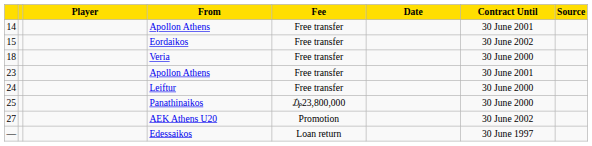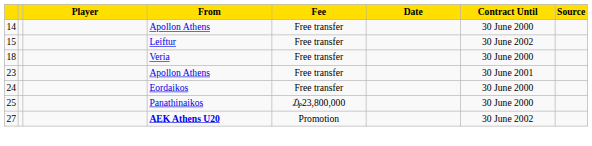 <table class="wikitable sortable">
 <tr>
 <th style="background:#FFDE00"></th>
 <th style="background:#FFDE00"></th>
 <th width=200 style="background:#FFDE00">Player</th>
 <th width=200 style="background:#FFDE00">From</th>
 <th width=150 style="background:#FFDE00">Fee</th>
 <th width=150 style="background:#FFDE00">Date</th>
 <th width=150 style="background:#FFDE00">Contract Until</th>
 <th style="background:#FFDE00">Source</th>
 </tr>
 <tr>
 <td align=center>14</td>
 <td align=center></td>
 <td></td>
 <td> <a href='#'>Apollon Athens</a></td>
 <td align=center>Free transfer</td>
 <td align=center></td>
-<td align=center>30 June 2001</td>
+<td align=center>30 June 2000</td>
 <td align=center></td>
 </tr>
 <tr>
 <td align=center>15</td>
 <td align=center></td>
 <td></td>
-<td> <a href='#'>Eordaikos</a></td>
+<td> <a href='#'>Leiftur</a></td>
 <td align=center>Free transfer</td>
 <td align=center></td>
 <td align=center>30 June 2002</td>
 <td align=center></td>
 </tr>
 <tr>
 <td align=center>18</td>
 <td align=center></td>
 <td></td>
 <td> <a href='#'>Veria</a></td>
 <td align=center>Free transfer</td>
 <td align=center></td>
 <td align=center>30 June 2000</td>
 <td align=center></td>
 </tr>
 <tr>
 <td align=center>23</td>
 <td align=center></td>
 <td></td>
 <td> <a href='#'>Apollon Athens</a></td>
 <td align=center>Free transfer</td>
 <td align=center></td>
 <td align=center>30 June 2001</td>
 <td align=center></td>
 </tr>
 <tr>
 <td align=center>24</td>
 <td align=center></td>
 <td></td>
-<td> <a href='#'>Leiftur</a></td>
+<td> <a href='#'>Eordaikos</a></td>
 <td align=center>Free transfer</td>
 <td align=center></td>
 <td align=center>30 June 2000</td>
 <td align=center></td>
 </tr>
 <tr>
 <td align=center>25</td>
 <td align=center></td>
 <td></td>
 <td> <a href='#'>Panathinaikos</a></td>
 <td align=center>₯23,800,000</td>
 <td align=center></td>
 <td align=center>30 June 2000</td>
 <td align=center></td>
 </tr>
 <tr>
 <td align=center>27</td>
 <td align=center></td>
 <td></td>
-<td> <a href='#'>AEK Athens U20</a></td>
+<td><strong> <a href='#'>AEK Athens U20</a></strong></td>
 <td align=center>Promotion</td>
 <td align=center></td>
 <td align=center>30 June 2002</td>
 <td align=center></td>
 </tr>
-<tr>
-<td align=center>—</td>
-<td align=center></td>
-<td></td>
-<td> <a href='#'>Edessaikos</a></td>
-<td align=center>Loan return</td>
-<td align=center></td>
-<td align=center>30 June 1997</td>
-<td align=center></td>
-</tr>
 </table>
